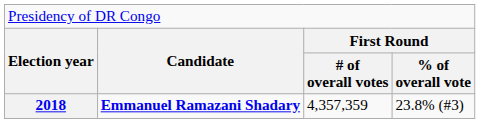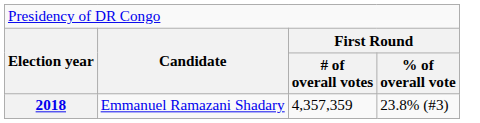 <table class=wikitable>
 <tr>
 <td colspan=7><a href='#'>Presidency of DR Congo</a></td>
 </tr>
 <tr>
 <th rowspan=2>Election year</th>
 <th rowspan=2>Candidate</th>
 <th colspan=2>First Round</th>
 </tr>
 <tr>
 <th># of<br>overall votes</th>
 <th>% of<br>overall vote</th>
 </tr>
 <tr>
 <th><a href='#'>2018</a></th>
-<td><strong><a href='#'>Emmanuel Ramazani Shadary</a></strong></td>
+<td><a href='#'>Emmanuel Ramazani Shadary</a></td>
 <td>4,357,359</td>
 <td>23.8% (#3)</td>
 </tr>
 </table>
